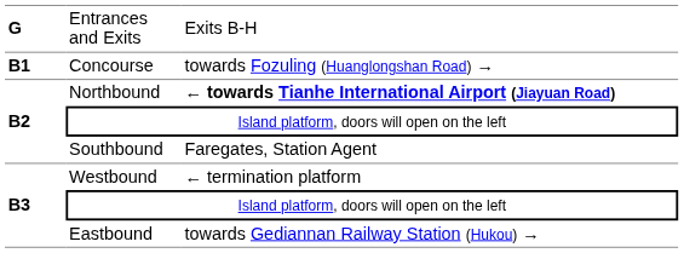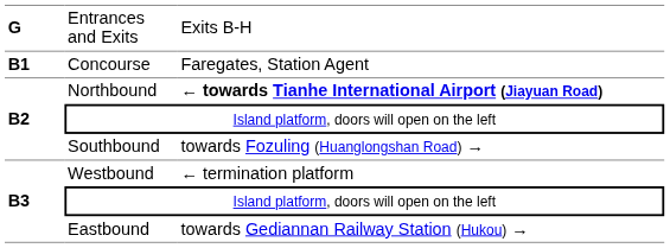 <table table border=0 cellspacing=0 cellpadding=3>
 <tr>
 <td style="border-top:solid 1px gray;border-bottom:solid 1px gray;" width=50><strong>G</strong></td>
 <td style="border-top:solid 1px gray;border-bottom:solid 1px gray;" width=100>Entrances and Exits</td>
 <td style="border-top:solid 1px gray;border-bottom:solid 1px gray;" width=450>Exits B-H</td>
 </tr>
 <tr>
 <td style="border-top:solid 0px gray;border-bottom:solid 1px gray;" width=50><strong>B1</strong></td>
 <td style="border-top:solid 0px gray;border-bottom:solid 1px gray;" width=100>Concourse</td>
-<td style="border-bottom:solid 1px gray;"> towards <a href='#'>Fozuling</a> <small>(<a href='#'>Huanglongshan Road</a>)</small> →</td>
+<td style="border-top:solid 0px gray;border-bottom:solid 1px gray;" width=450>Faregates, Station Agent</td>
 </tr>
 <tr>
 <td style="border-bottom:solid 1px gray;" rowspan=3><strong>B2</strong></td>
 <td>Northbound</td>
 <td><strong>←  towards <a href='#'>Tianhe International Airport</a> <small>(<a href='#'>Jiayuan Road</a>)</small></strong></td>
 </tr>
 <tr>
 <td style="border-right:solid 2px black;border-left:solid 2px black;border-top:solid 2px black;border-bottom:solid 2px black;text-align:center;" colspan=2><small><a href='#'>Island platform</a>, doors will open on the left</small></td>
 </tr>
 <tr>
 <td style="border-bottom:solid 1px gray;">Southbound</td>
-<td style="border-top:solid 0px gray;border-bottom:solid 1px gray;" width=450>Faregates, Station Agent</td>
+<td style="border-bottom:solid 1px gray;"> towards <a href='#'>Fozuling</a> <small>(<a href='#'>Huanglongshan Road</a>)</small> →</td>
 </tr>
 <tr>
 <td style="border-bottom:solid 1px gray;" rowspan=3><strong>B3</strong></td>
 <td>Westbound</td>
 <td>←  termination platform</td>
 </tr>
 <tr>
 <td style="border-right:solid 2px black;border-left:solid 2px black;border-top:solid 2px black;border-bottom:solid 2px black;text-align:center;" colspan=2><small><a href='#'>Island platform</a>, doors will open on the left</small></td>
 </tr>
 <tr>
 <td style="border-bottom:solid 1px gray;">Eastbound</td>
 <td style="border-bottom:solid 1px gray;"> towards <a href='#'>Gediannan Railway Station</a> <small>(<a href='#'>Hukou</a>)</small> →</td>
 </tr>
 </table>
